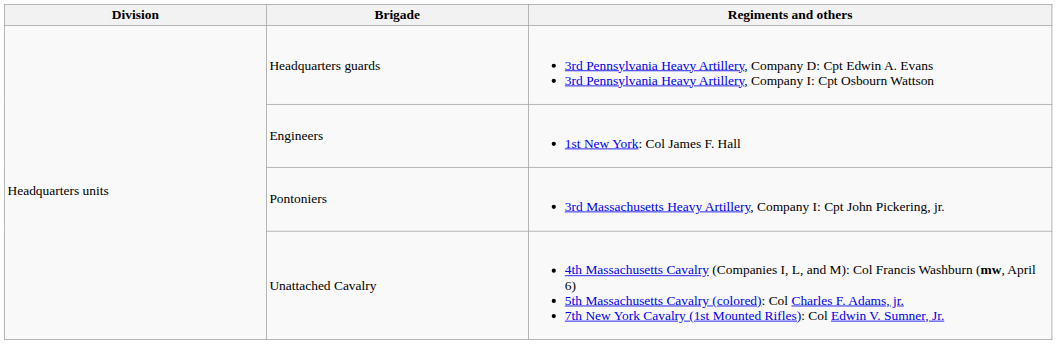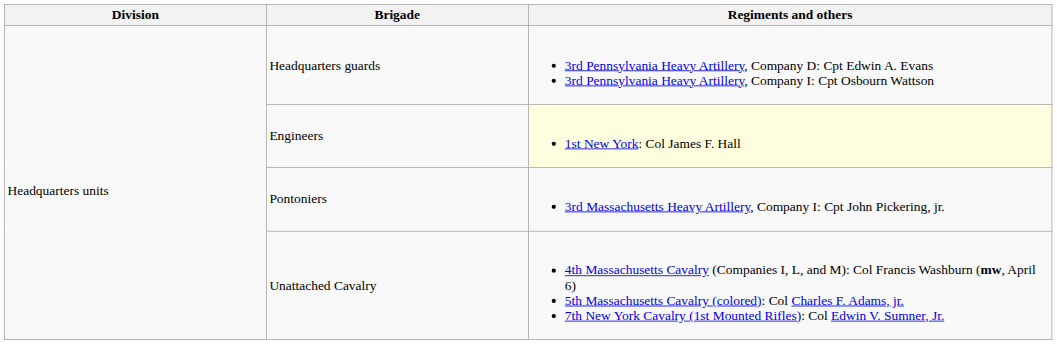 <table class="wikitable">
 <tr>
 <th style="width:25%;">Division</th>
 <th style="width:25%;">Brigade</th>
 <th>Regiments and others</th>
 </tr>
 <tr>
 <td rowspan=4><br>Headquarters units</td>
 <td>Headquarters guards</td>
 <td><br><ul><li><a href='#'>3rd Pennsylvania Heavy Artillery</a>, Company D: Cpt Edwin A. Evans</li><li><a href='#'>3rd Pennsylvania Heavy Artillery</a>, Company I: Cpt Osbourn Wattson</li></ul></td>
 </tr>
 <tr>
 <td>Engineers</td>
-<td><br><ul><li><a href='#'>1st New York</a>: Col James F. Hall</li></ul></td>
+<td style="background: lightyellow;"><br><ul><li><a href='#'>1st New York</a>: Col James F. Hall</li></ul></td>
 </tr>
 <tr>
 <td>Pontoniers</td>
 <td><br><ul><li><a href='#'>3rd Massachusetts Heavy Artillery</a>, Company I: Cpt John Pickering, jr.</li></ul></td>
 </tr>
 <tr>
 <td>Unattached Cavalry</td>
 <td><br><ul><li><a href='#'>4th Massachusetts Cavalry</a> (Companies I, L, and M): Col Francis Washburn (<strong>mw</strong>, April 6)</li><li><a href='#'>5th Massachusetts Cavalry (colored)</a>: Col <a href='#'>Charles F. Adams, jr.</a></li><li><a href='#'>7th New York Cavalry (1st Mounted Rifles)</a>: Col <a href='#'>Edwin V. Sumner, Jr.</a></li></ul></td>
 </tr>
 </table>
